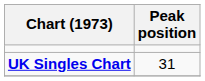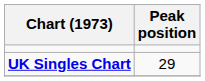 <table class="wikitable">
 <tr>
 <th>Chart (1973)</th>
 <th>Peak<br>position</th>
 </tr>
 <tr>
 <td></td>
 </tr>
 <tr>
 <td><strong><a href='#'>UK Singles Chart</a></strong></td>
-<td style="text-align:center;">31</td>
+<td style="text-align:center;">29</td>
 </tr>
 <tr>
 </tr>
 </table>
